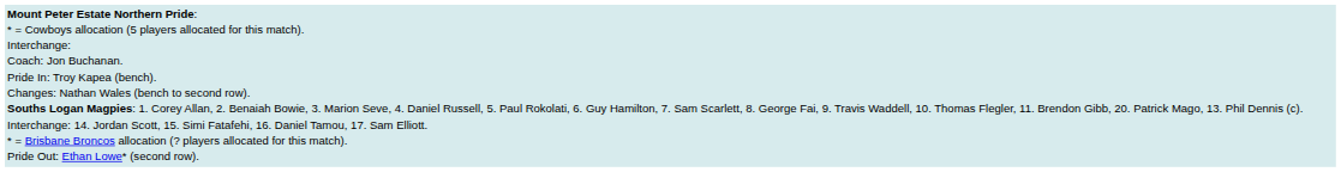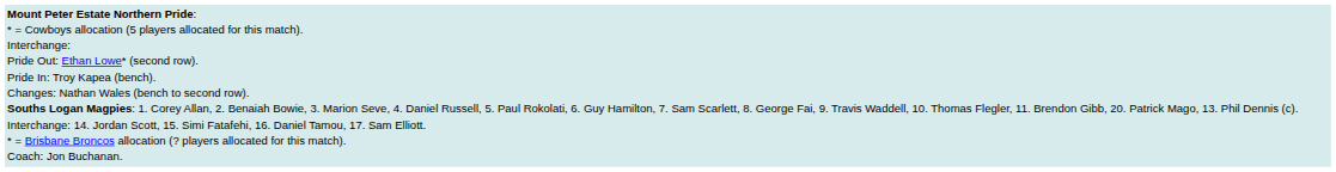 <table style="background:#d7ebed; font-size:85%; width:100%;">
 <tr>
 <td><strong>Mount Peter Estate Northern Pride</strong>:             </td>
 </tr>
 <tr>
 <td>* = Cowboys allocation (5 players allocated for this match).</td>
 </tr>
 <tr>
 <td>Interchange:    </td>
 </tr>
 <tr>
-<td>Coach: Jon Buchanan.</td>
+<td>Pride Out: <a href='#'>Ethan Lowe</a>* (second row).</td>
 </tr>
 <tr>
 <td>Pride In: Troy Kapea (bench).</td>
 </tr>
 <tr>
 <td>Changes: Nathan Wales (bench to second row).</td>
 </tr>
 <tr>
 <td><strong>Souths Logan Magpies</strong>: 1. Corey Allan, 2. Benaiah Bowie, 3. Marion Seve, 4. Daniel Russell, 5. Paul Rokolati, 6. Guy Hamilton, 7. Sam Scarlett,     8. George Fai, 9. Travis Waddell, 10. Thomas Flegler, 11. Brendon Gibb, 20. Patrick Mago, 13. Phil Dennis (c).</td>
 </tr>
 <tr>
 <td>Interchange: 14. Jordan Scott, 15. Simi Fatafehi, 16. Daniel Tamou, 17. Sam Elliott.</td>
 </tr>
 <tr>
 <td>* = <a href='#'>Brisbane Broncos</a> allocation (? players allocated for this match).</td>
 </tr>
 <tr>
-<td>Pride Out: <a href='#'>Ethan Lowe</a>* (second row).</td>
+<td>Coach: Jon Buchanan.</td>
 </tr>
 <tr>
 </tr>
 </table>
